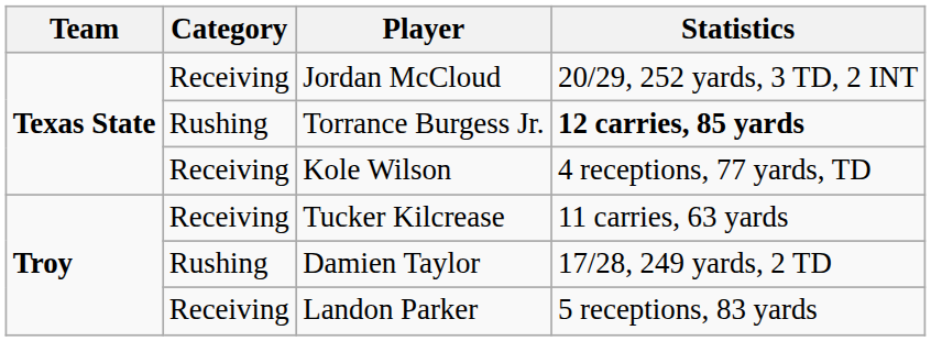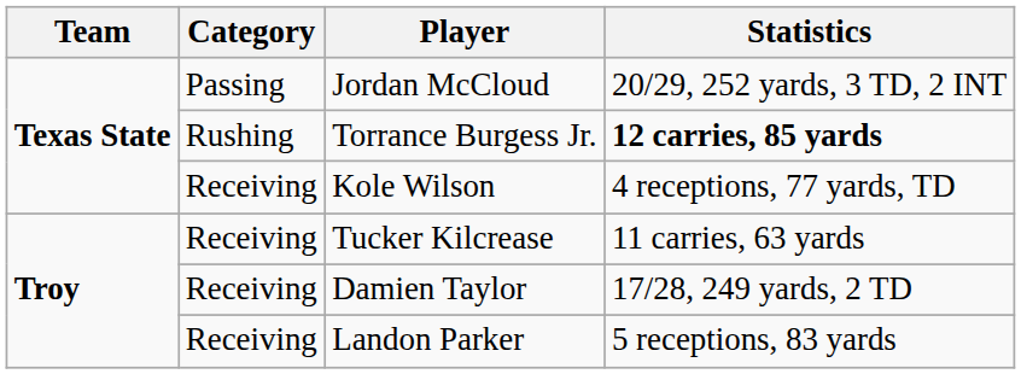 <table class="wikitable" style="float: right;">
 <tr>
 <th>Team</th>
 <th>Category</th>
 <th>Player</th>
 <th>Statistics</th>
 </tr>
 <tr>
 <td rowspan=3><strong>Texas State</strong></td>
-<td>Receiving</td>
+<td>Passing</td>
 <td>Jordan McCloud</td>
 <td>20/29, 252 yards, 3 TD, 2 INT</td>
 </tr>
 <tr>
 <td>Rushing</td>
 <td>Torrance Burgess Jr.</td>
 <td><strong>12 carries, 85 yards</strong></td>
 </tr>
 <tr>
 <td>Receiving</td>
 <td>Kole Wilson</td>
 <td>4 receptions, 77 yards, TD</td>
 </tr>
 <tr>
 <td rowspan=3><strong>Troy</strong></td>
 <td>Receiving</td>
 <td>Tucker Kilcrease</td>
 <td>11 carries, 63 yards</td>
 </tr>
 <tr>
-<td>Rushing</td>
+<td>Receiving</td>
 <td>Damien Taylor</td>
 <td>17/28, 249 yards, 2 TD</td>
 </tr>
 <tr>
 <td>Receiving</td>
 <td>Landon Parker</td>
 <td>5 receptions, 83 yards</td>
 </tr>
 </table>
